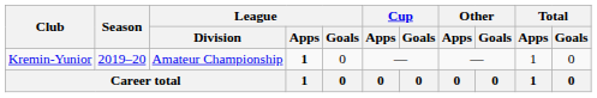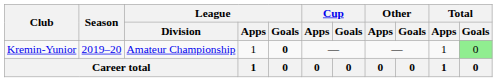 <table class=wikitable style="text-align:center">
 <tr>
 <th rowspan=2>Club</th>
 <th rowspan=2>Season</th>
 <th colspan=3>League</th>
 <th colspan=2><a href='#'>Cup</a></th>
 <th colspan="2">Other</th>
 <th colspan=2>Total</th>
 </tr>
 <tr>
 <th>Division</th>
 <th>Apps</th>
 <th>Goals</th>
 <th>Apps</th>
 <th>Goals</th>
 <th>Apps</th>
 <th>Goals</th>
 <th>Apps</th>
 <th>Goals</th>
 </tr>
 <tr>
 <td><a href='#'>Kremin-Yunior</a></td>
 <td><a href='#'>2019–20</a></td>
 <td><a href='#'>Amateur Championship</a></td>
-<td><strong>1</strong></td>
-<td>0</td>
+<td>1</td>
+<td><strong>0</strong></td>
 <td colspan=2>—</td>
 <td colspan=2>—</td>
 <td>1</td>
-<td>0</td>
+<td style="background: lightgreen;">0</td>
 </tr>
 <tr>
 <th colspan=3>Career total</th>
 <th>1</th>
 <th>0</th>
 <th>0</th>
 <th>0</th>
 <th>0</th>
 <th>0</th>
 <th>1</th>
 <th>0</th>
 </tr>
 </table>
